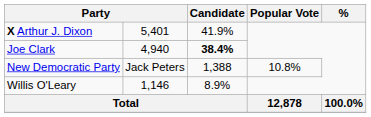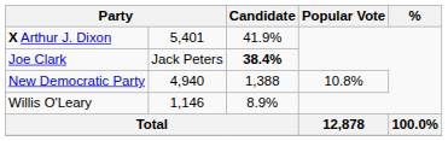 <table class="wikitable">
 <tr>
 <th colspan="2">Party</th>
 <th>Candidate</th>
 <th>Popular Vote</th>
 <th>%</th>
 </tr>
 <tr>
 <td> <strong>X</strong> <a href='#'>Arthur J. Dixon</a></td>
 <td align=center>5,401</td>
 <td align=center>41.9%</td>
 </tr>
 <tr>
 <td><a href='#'>Joe Clark</a></td>
-<td align=center>4,940</td>
+<td>Jack Peters</td>
 <td align=center><strong>38.4%</strong></td>
 </tr>
 <tr>
 <td><a href='#'>New Democratic Party</a></td>
-<td>Jack Peters</td>
+<td align=center>4,940</td>
 <td align=center>1,388</td>
 <td align=center>10.8%</td>
 </tr>
 <tr>
 <td>Willis O'Leary</td>
 <td align=center>1,146</td>
 <td align=center>8.9%</td>
 </tr>
 <tr>
 <th colspan=3>Total</th>
 <th>12,878</th>
 <th>100.0%</th>
 </tr>
 <tr>
 </tr>
 </table>
